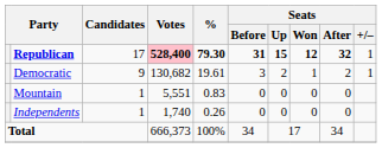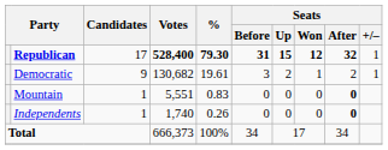 <table class="wikitable">
 <tr>
 <th rowspan="2" colspan="2">Party</th>
 <th rowspan="2">Candidates</th>
 <th rowspan="2">Votes</th>
 <th rowspan="2">%</th>
 <th colspan="5">Seats</th>
 </tr>
 <tr>
 <th>Before<br></th>
 <th>Up</th>
 <th>Won</th>
 <th>After<br></th>
 <th>+/–</th>
 </tr>
 <tr>
 <th style="background-color:"></th>
 <td><strong><a href='#'>Republican</a></strong></td>
 <td align="right">17</td>
-<td align="right" style="background: pink;"><strong>528,400</strong></td>
+<td align="right"><strong>528,400</strong></td>
 <td align="right"><strong>79.30</strong></td>
 <td align="right"><strong>31</strong></td>
 <td align="right"><strong>15</strong></td>
 <td align="right"><strong>12</strong></td>
 <td align="right"><strong>32</strong></td>
 <td align="right"> 1</td>
 </tr>
 <tr>
 <th style="background-color:"></th>
 <td><a href='#'>Democratic</a></td>
 <td align="right">9</td>
 <td align="right">130,682</td>
 <td align="right">19.61</td>
 <td align="right">3</td>
 <td align="right">2</td>
 <td align="right">1</td>
 <td align="right">2</td>
 <td align="right"> 1</td>
 </tr>
 <tr>
 <th style="background-color:"></th>
 <td><a href='#'>Mountain</a></td>
 <td align="right">1</td>
 <td align="right">5,551</td>
 <td align="right">0.83</td>
 <td align="right">0</td>
 <td align="right">0</td>
 <td align="right">0</td>
-<td align="right">0</td>
+<td align="right"><strong>0</strong></td>
 <td align="right"></td>
 </tr>
 <tr>
 <th style="background-color:"></th>
 <td><em><a href='#'>Independents</a></em></td>
 <td align="right">1</td>
 <td align="right">1,740</td>
 <td align="right">0.26</td>
 <td align="right">0</td>
 <td align="right">0</td>
 <td align="right">0</td>
-<td align="right">0</td>
+<td align="right"><strong>0</strong></td>
 <td align="right"></td>
 </tr>
 <tr>
 <td colspan="3"><strong>Total</strong></td>
 <td align="right">666,373</td>
 <td align="right">100%</td>
 <td align="center">34</td>
 <td colspan="2" align="center">17</td>
 <td align="center">34</td>
 <td align="right"></td>
 </tr>
 <tr>
 </tr>
 </table>
